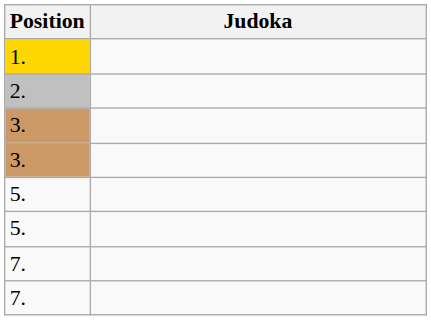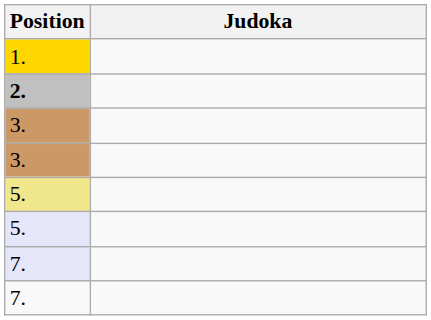 <table class=wikitable>
 <tr>
 <th>Position</th>
 <th width=240>Judoka</th>
 </tr>
 <tr>
 <td bgcolor=gold>1.</td>
 <td></td>
 </tr>
 <tr>
-<td bgcolor=silver>2.</td>
+<td bgcolor=silver><strong>2.</strong></td>
 <td></td>
 </tr>
 <tr>
 <td bgcolor=CC9966>3.</td>
 <td></td>
 </tr>
 <tr>
 <td bgcolor=CC9966>3.</td>
 <td></td>
 </tr>
 <tr>
-<td>5.</td>
+<td style="background: khaki;">5.</td>
 <td></td>
 </tr>
 <tr>
-<td>5.</td>
+<td style="background: lavender;">5.</td>
 <td></td>
 </tr>
 <tr>
-<td>7.</td>
+<td style="background: lavender;">7.</td>
 <td></td>
 </tr>
 <tr>
 <td>7.</td>
 <td></td>
 </tr>
 </table>
